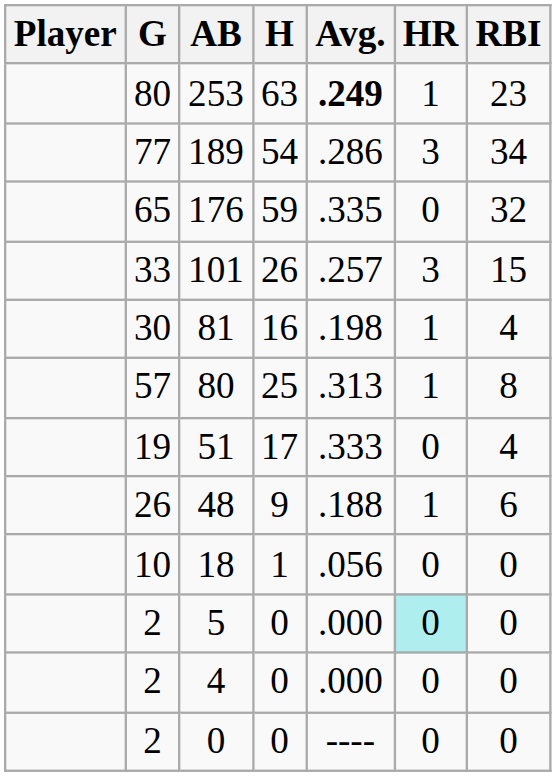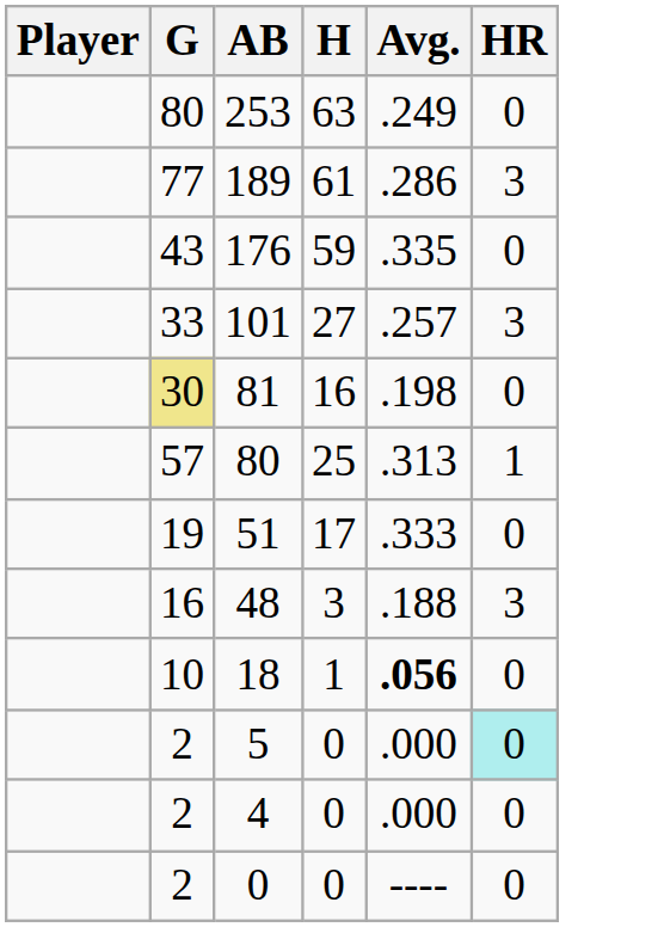 <table class="wikitable sortable" style="text-align:center;">
 <tr>
 <th>Player</th>
 <th>G</th>
 <th>AB</th>
 <th>H</th>
 <th>Avg.</th>
 <th>HR</th>
-<th>RBI</th>
 </tr>
 <tr>
 <td></td>
 <td>80</td>
 <td>253</td>
 <td>63</td>
-<td><strong>.249</strong></td>
-<td>1</td>
-<td>23</td>
+<td>.249</td>
+<td>0</td>
 </tr>
 <tr>
 <td></td>
 <td>77</td>
 <td>189</td>
-<td>54</td>
+<td>61</td>
 <td>.286</td>
 <td>3</td>
-<td>34</td>
 </tr>
 <tr>
 <td></td>
-<td>65</td>
+<td>43</td>
 <td>176</td>
 <td>59</td>
 <td>.335</td>
 <td>0</td>
-<td>32</td>
 </tr>
 <tr>
 <td></td>
 <td>33</td>
 <td>101</td>
-<td>26</td>
+<td>27</td>
 <td>.257</td>
 <td>3</td>
-<td>15</td>
 </tr>
 <tr>
 <td></td>
-<td>30</td>
+<td style="background: khaki;">30</td>
 <td>81</td>
 <td>16</td>
 <td>.198</td>
-<td>1</td>
-<td>4</td>
+<td>0</td>
 </tr>
 <tr>
 <td></td>
 <td>57</td>
 <td>80</td>
 <td>25</td>
 <td>.313</td>
 <td>1</td>
-<td>8</td>
 </tr>
 <tr>
 <td></td>
 <td>19</td>
 <td>51</td>
 <td>17</td>
 <td>.333</td>
 <td>0</td>
-<td>4</td>
 </tr>
 <tr>
 <td></td>
-<td>26</td>
+<td>16</td>
 <td>48</td>
-<td>9</td>
+<td>3</td>
 <td>.188</td>
-<td>1</td>
-<td>6</td>
+<td>3</td>
 </tr>
 <tr>
 <td></td>
 <td>10</td>
 <td>18</td>
 <td>1</td>
-<td>.056</td>
-<td>0</td>
+<td><strong>.056</strong></td>
 <td>0</td>
 </tr>
 <tr>
 <td></td>
 <td>2</td>
 <td>5</td>
 <td>0</td>
 <td>.000</td>
 <td style="background: paleturquoise;">0</td>
-<td>0</td>
 </tr>
 <tr>
 <td></td>
 <td>2</td>
 <td>4</td>
 <td>0</td>
 <td>.000</td>
-<td>0</td>
 <td>0</td>
 </tr>
 <tr>
 <td></td>
 <td>2</td>
 <td>0</td>
 <td>0</td>
 <td>----</td>
 <td>0</td>
-<td>0</td>
 </tr>
 </table>
